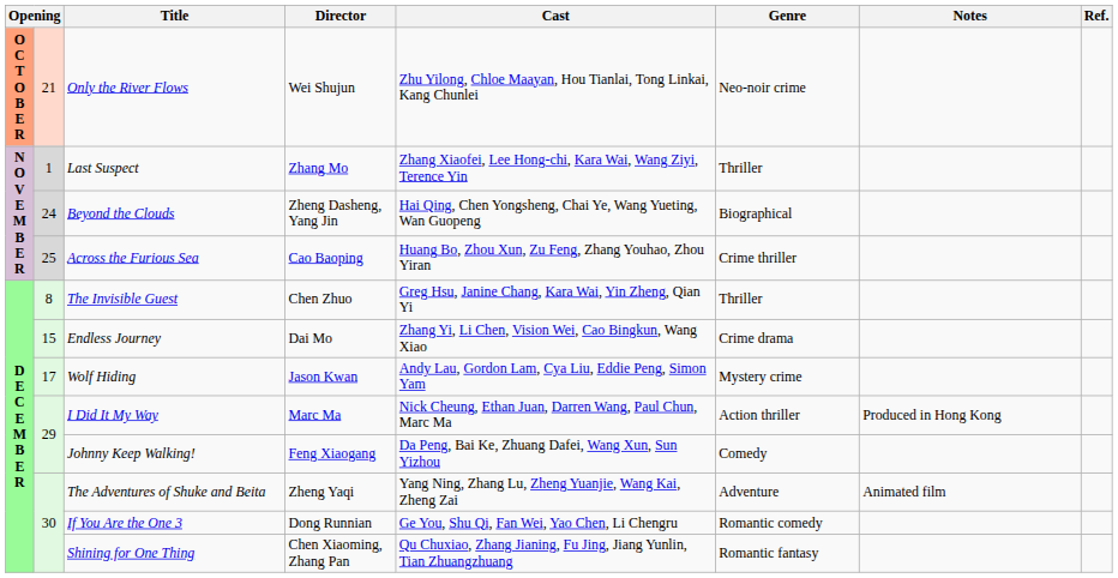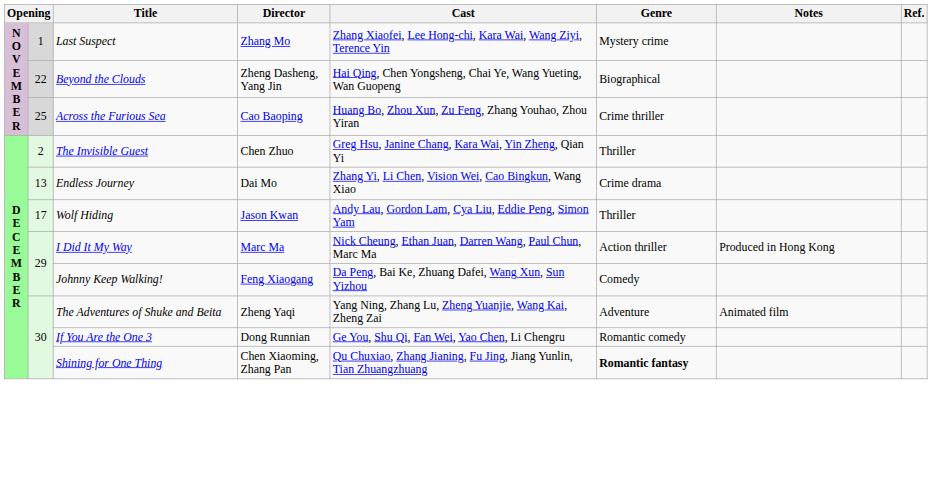 <table class="wikitable">
 <tr>
 <th colspan="2">Opening</th>
 <th style="width:20%;">Title</th>
 <th style="width:10%;">Director</th>
 <th>Cast</th>
 <th style="width:13%">Genre</th>
 <th style="width:20%">Notes</th>
 <th>Ref.</th>
 </tr>
 <tr>
-<th rowspan="1" style="text-align:center; background:#ffa07a; textcolor:#000;">O<br>C<br>T<br>O<br>B<br>E<br>R</th>
-<td style="text-align:center; background:#ffdacc; textcolor:#000;">21</td>
-<td><em><a href='#'>Only the River Flows</a></em></td>
-<td>Wei Shujun</td>
-<td><a href='#'>Zhu Yilong</a>, <a href='#'>Chloe Maayan</a>, Hou Tianlai, Tong Linkai, Kang Chunlei</td>
-<td>Neo-noir crime</td>
-<td></td>
-<td style="text-align:center;"></td>
-</tr>
-<tr>
 <th rowspan="3" style="text-align:center; background:thistle; textcolor:#000;">N<br>O<br>V<br>E<br>M<br>B<br>E<br>R</th>
 <td style="text-align:center; background:#d8d8d8; textcolor:#000;">1</td>
 <td><em>Last Suspect</em></td>
 <td><a href='#'>Zhang Mo</a></td>
 <td><a href='#'>Zhang Xiaofei</a>, <a href='#'>Lee Hong-chi</a>, <a href='#'>Kara Wai</a>, <a href='#'>Wang Ziyi</a>, <a href='#'>Terence Yin</a></td>
-<td>Thriller</td>
+<td>Mystery crime</td>
 <td></td>
 <td style="text-align:center;"></td>
 </tr>
 <tr>
-<td style="text-align:center; background:#d8d8d8; textcolor:#000;">24</td>
+<td style="text-align:center; background:#d8d8d8; textcolor:#000;">22</td>
 <td><em><a href='#'>Beyond the Clouds</a></em></td>
 <td>Zheng Dasheng, Yang Jin</td>
 <td><a href='#'>Hai Qing</a>, Chen Yongsheng, Chai Ye, Wang Yueting, Wan Guopeng</td>
 <td>Biographical</td>
 <td></td>
 <td style="text-align:center;"></td>
 </tr>
 <tr>
 <td style="text-align:center; background:#d8d8d8; textcolor:#000;">25</td>
 <td><em><a href='#'>Across the Furious Sea</a></em></td>
 <td><a href='#'>Cao Baoping</a></td>
 <td><a href='#'>Huang Bo</a>, <a href='#'>Zhou Xun</a>, <a href='#'>Zu Feng</a>, Zhang Youhao, Zhou Yiran</td>
 <td>Crime thriller</td>
 <td></td>
 <td style="text-align:center;"></td>
 </tr>
 <tr>
 <th rowspan="8" style="text-align:center; background:#98fb98; textcolor:#000;">D<br>E<br>C<br>E<br>M<br>B<br>E<br>R</th>
-<td style="text-align:center; background:#e0f9e0;">8</td>
+<td style="text-align:center; background:#e0f9e0;">2</td>
 <td><em><a href='#'>The Invisible Guest</a></em></td>
 <td>Chen Zhuo</td>
 <td><a href='#'>Greg Hsu</a>, <a href='#'>Janine Chang</a>, <a href='#'>Kara Wai</a>, <a href='#'>Yin Zheng</a>, Qian Yi</td>
 <td>Thriller</td>
 <td></td>
 <td style="text-align:center;"></td>
 </tr>
 <tr>
-<td style="text-align:center; background:#e0f9e0;">15</td>
+<td style="text-align:center; background:#e0f9e0;">13</td>
 <td><em>Endless Journey</em></td>
 <td>Dai Mo</td>
 <td><a href='#'>Zhang Yi</a>, <a href='#'>Li Chen</a>, <a href='#'>Vision Wei</a>, <a href='#'>Cao Bingkun</a>, Wang Xiao</td>
 <td>Crime drama</td>
 <td></td>
 <td style="text-align:center;"></td>
 </tr>
 <tr>
 <td style="text-align:center; background:#e0f9e0;">17</td>
 <td><em>Wolf Hiding</em></td>
 <td><a href='#'>Jason Kwan</a></td>
 <td><a href='#'>Andy Lau</a>, <a href='#'>Gordon Lam</a>, <a href='#'>Cya Liu</a>, <a href='#'>Eddie Peng</a>, <a href='#'>Simon Yam</a></td>
-<td>Mystery crime</td>
+<td>Thriller</td>
 <td></td>
 <td style="text-align:center;"></td>
 </tr>
 <tr>
 <td rowspan="2" style="text-align:center; background:#e0f9e0;">29</td>
 <td><em><a href='#'>I Did It My Way</a></em></td>
 <td><a href='#'>Marc Ma</a></td>
 <td><a href='#'>Nick Cheung</a>, <a href='#'>Ethan Juan</a>, <a href='#'>Darren Wang</a>, <a href='#'>Paul Chun</a>, Marc Ma</td>
 <td>Action thriller</td>
 <td>Produced in Hong Kong</td>
 <td style="text-align:center;"></td>
 </tr>
 <tr>
 <td><em>Johnny Keep Walking!</em></td>
 <td><a href='#'>Feng Xiaogang</a></td>
 <td><a href='#'>Da Peng</a>, Bai Ke, Zhuang Dafei, <a href='#'>Wang Xun</a>, <a href='#'>Sun Yizhou</a></td>
 <td>Comedy</td>
 <td></td>
 <td style="text-align:center;"></td>
 </tr>
 <tr>
 <td rowspan="3" style="text-align:center; background:#e0f9e0;">30</td>
 <td><em>The Adventures of Shuke and Beita</em></td>
 <td>Zheng Yaqi</td>
 <td>Yang Ning, Zhang Lu, <a href='#'>Zheng Yuanjie</a>, <a href='#'>Wang Kai</a>, Zheng Zai</td>
 <td>Adventure</td>
 <td>Animated film</td>
 <td style="text-align:center;"></td>
 </tr>
 <tr>
 <td><em><a href='#'>If You Are the One 3</a></em></td>
 <td>Dong Runnian</td>
 <td><a href='#'>Ge You</a>, <a href='#'>Shu Qi</a>, <a href='#'>Fan Wei</a>, <a href='#'>Yao Chen</a>, Li Chengru</td>
 <td>Romantic comedy</td>
 <td></td>
 <td style="text-align:center;"></td>
 </tr>
 <tr>
 <td><em><a href='#'>Shining for One Thing</a></em></td>
 <td>Chen Xiaoming, Zhang Pan</td>
 <td><a href='#'>Qu Chuxiao</a>, <a href='#'>Zhang Jianing</a>, <a href='#'>Fu Jing</a>, Jiang Yunlin, <a href='#'>Tian Zhuangzhuang</a></td>
-<td>Romantic fantasy</td>
+<td><strong>Romantic fantasy</strong></td>
 <td></td>
 <td style="text-align:center;"></td>
 </tr>
 </table>
